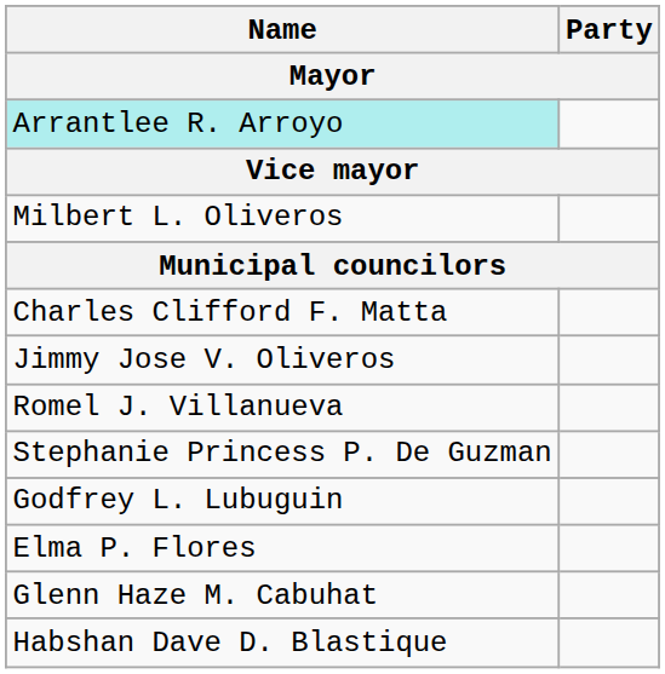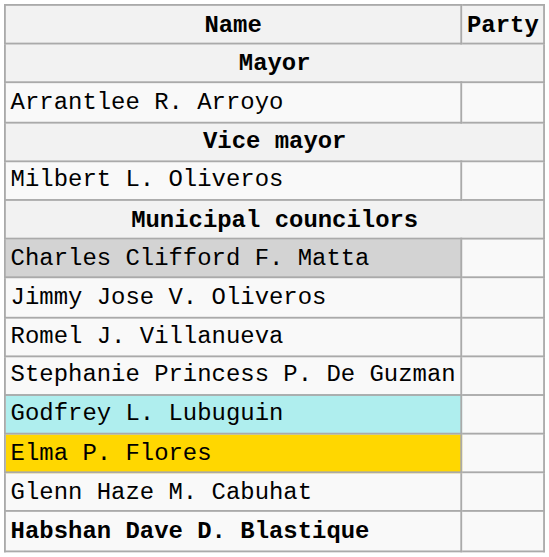 <table class=wikitable>
 <tr>
 <th>Name</th>
 <th colspan=2>Party</th>
 </tr>
 <tr>
 <th colspan=3>Mayor</th>
 </tr>
 <tr>
-<td style="background: paleturquoise;">Arrantlee R. Arroyo</td>
+<td>Arrantlee R. Arroyo</td>
 <td></td>
 </tr>
 <tr>
 <th colspan=3>Vice mayor</th>
 </tr>
 <tr>
 <td>Milbert L. Oliveros</td>
 <td></td>
 </tr>
 <tr>
 <th colspan=3>Municipal councilors</th>
 </tr>
 <tr>
-<td>Charles Clifford F. Matta</td>
+<td style="background: lightgrey;">Charles Clifford F. Matta</td>
 <td></td>
 </tr>
 <tr>
 <td>Jimmy Jose V. Oliveros</td>
 <td></td>
 </tr>
 <tr>
 <td>Romel J. Villanueva</td>
 <td></td>
 </tr>
 <tr>
 <td>Stephanie Princess P. De Guzman</td>
 <td></td>
 </tr>
 <tr>
-<td>Godfrey L. Lubuguin</td>
+<td style="background: paleturquoise;">Godfrey L. Lubuguin</td>
 <td></td>
 </tr>
 <tr>
-<td>Elma P. Flores</td>
+<td style="background: gold;">Elma P. Flores</td>
 <td></td>
 </tr>
 <tr>
 <td>Glenn Haze M. Cabuhat</td>
 <td></td>
 </tr>
 <tr>
-<td>Habshan Dave D. Blastique</td>
+<td><strong>Habshan Dave D. Blastique</strong></td>
 <td></td>
 </tr>
 </table>
